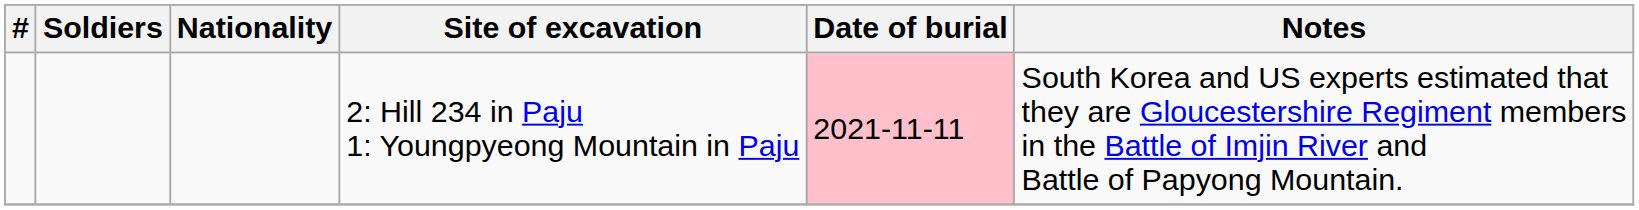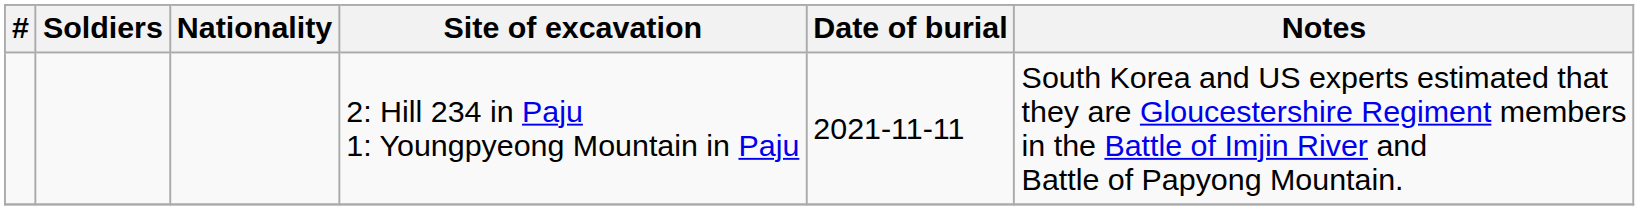 <table class="wikitable sortable">
 <tr>
 <th>#</th>
 <th>Soldiers</th>
 <th>Nationality</th>
 <th>Site of excavation</th>
 <th>Date of burial</th>
 <th>Notes</th>
 </tr>
 <tr>
 <td></td>
 <td></td>
 <td></td>
 <td>2: Hill 234 in <a href='#'>Paju</a><br>1: Youngpyeong Mountain in <a href='#'>Paju</a></td>
-<td style="background: pink;">2021-11-11</td>
+<td>2021-11-11</td>
 <td>South Korea and US experts estimated that<br>they are <a href='#'>Gloucestershire Regiment</a> members<br>in the <a href='#'>Battle of Imjin River</a> and <br>Battle of Papyong Mountain.</td>
 </tr>
 <tr>
 </tr>
 </table>
